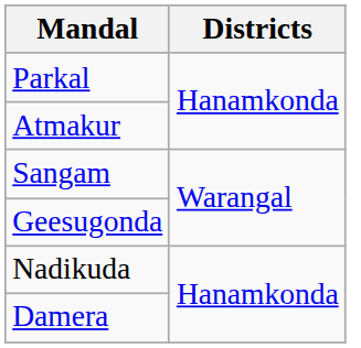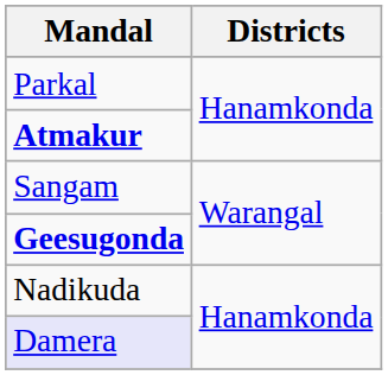 <table class="wikitable sortable static-row-numbers static-row-header-hash">
 <tr>
 <th>Mandal</th>
 <th>Districts</th>
 </tr>
 <tr>
 <td><a href='#'>Parkal</a></td>
 <td rowspan=2><a href='#'>Hanamkonda</a></td>
 </tr>
 <tr>
-<td><a href='#'>Atmakur</a></td>
+<td><strong><a href='#'>Atmakur</a></strong></td>
 </tr>
 <tr>
 <td><a href='#'>Sangam</a></td>
 <td rowspan=2><a href='#'>Warangal</a></td>
 </tr>
 <tr>
-<td><a href='#'>Geesugonda</a></td>
+<td><strong><a href='#'>Geesugonda</a></strong></td>
 </tr>
 <tr>
 <td>Nadikuda</td>
 <td rowspan=2><a href='#'>Hanamkonda</a></td>
 </tr>
 <tr>
-<td><a href='#'>Damera</a></td>
+<td style="background: lavender;"><a href='#'>Damera</a></td>
 </tr>
 </table>
